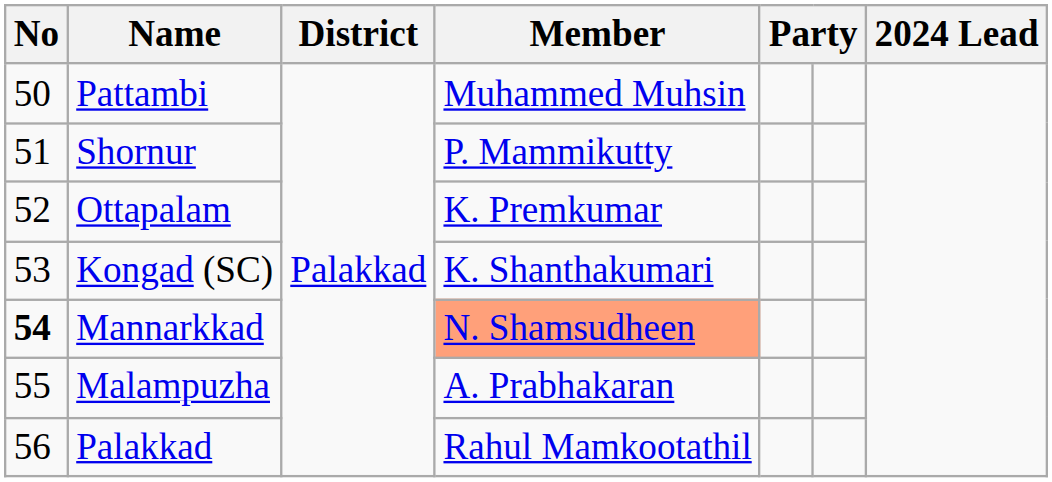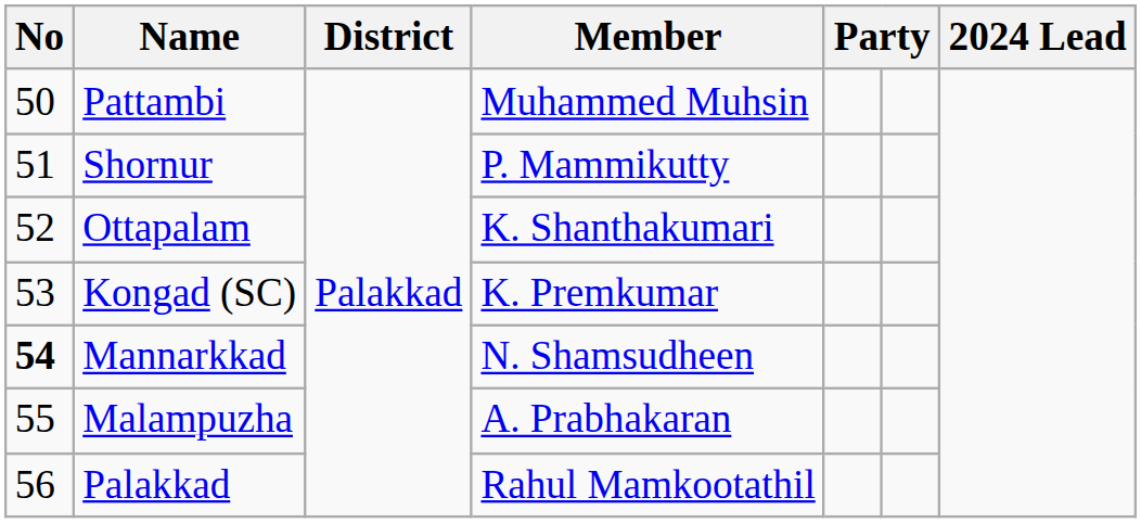 <table class="wikitable sortable">
 <tr>
 <th>No</th>
 <th>Name</th>
 <th>District</th>
 <th>Member</th>
 <th colspan="2">Party</th>
 <th colspan="2">2024 Lead</th>
 </tr>
 <tr>
 <td>50</td>
 <td><a href='#'>Pattambi</a></td>
 <td rowspan="7"><a href='#'>Palakkad</a></td>
 <td><a href='#'>Muhammed Muhsin</a></td>
 <td></td>
 <td></td>
 </tr>
 <tr>
 <td>51</td>
 <td><a href='#'>Shornur</a></td>
 <td><a href='#'>P. Mammikutty</a></td>
 <td></td>
 <td></td>
 </tr>
 <tr>
 <td>52</td>
 <td><a href='#'>Ottapalam</a></td>
-<td><a href='#'>K. Premkumar</a></td>
+<td><a href='#'>K. Shanthakumari</a></td>
 <td></td>
 <td></td>
 </tr>
 <tr>
 <td>53</td>
 <td><a href='#'>Kongad</a> (SC)</td>
-<td><a href='#'>K. Shanthakumari</a></td>
+<td><a href='#'>K. Premkumar</a></td>
 <td></td>
 <td></td>
 </tr>
 <tr>
 <td><strong>54</strong></td>
 <td><a href='#'>Mannarkkad</a></td>
-<td style="background: lightsalmon;"><a href='#'>N. Shamsudheen</a></td>
+<td><a href='#'>N. Shamsudheen</a></td>
 <td></td>
 <td></td>
 </tr>
 <tr>
 <td>55</td>
 <td><a href='#'>Malampuzha</a></td>
 <td><a href='#'>A. Prabhakaran</a></td>
 <td></td>
 <td></td>
 </tr>
 <tr>
 <td>56</td>
 <td><a href='#'>Palakkad</a></td>
 <td><a href='#'>Rahul Mamkootathil</a></td>
 <td></td>
 <td></td>
 </tr>
 </table>
